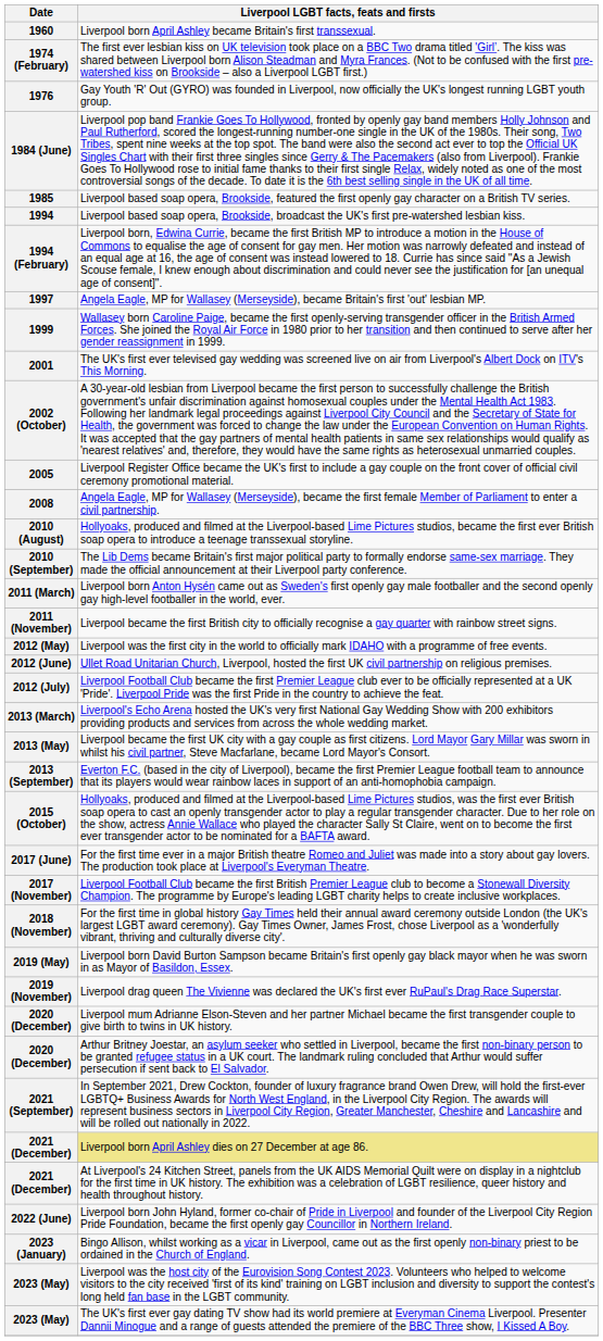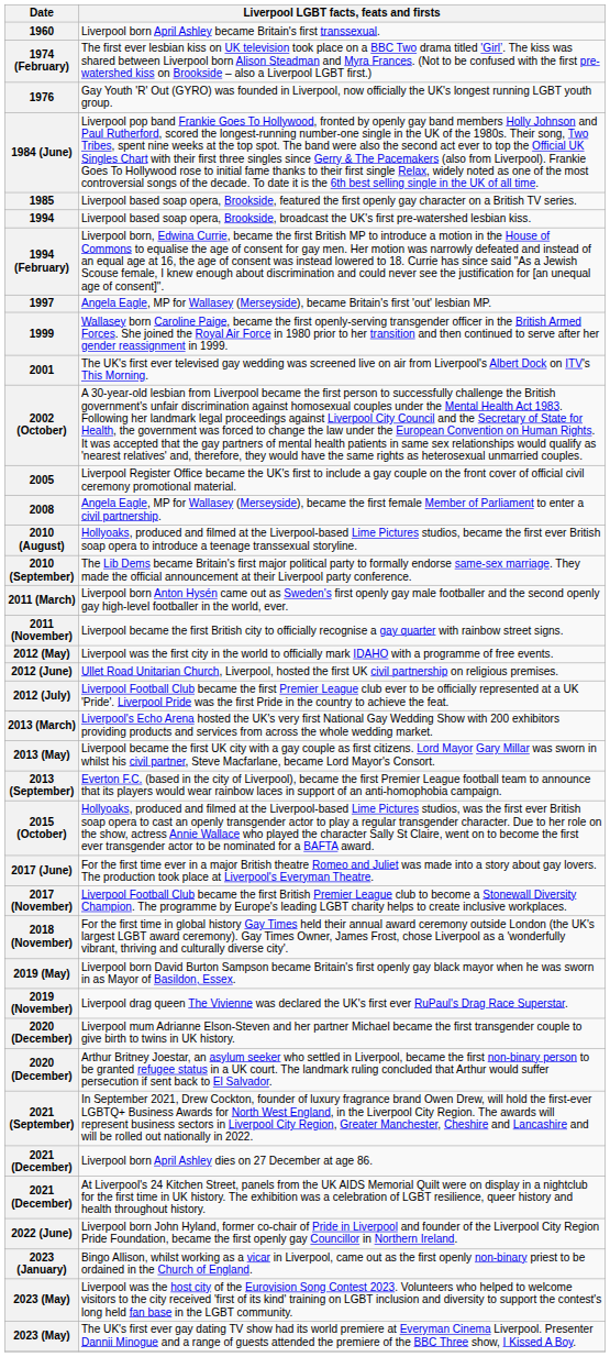 <table class="wikitable">
 <tr>
 <th>Date</th>
 <th>Liverpool LGBT facts, feats and firsts</th>
 </tr>
 <tr>
 <th>1960</th>
 <td style="text-align:left">Liverpool born <a href='#'>April Ashley</a> became Britain's first <a href='#'>transsexual</a>.</td>
 </tr>
 <tr>
 <th>1974 (February)</th>
 <td style="text-align:left">The first ever lesbian kiss on <a href='#'>UK television</a> took place on a <a href='#'>BBC Two</a> drama titled <a href='#'>'Girl’</a>. The kiss was shared between Liverpool born <a href='#'>Alison Steadman</a> and <a href='#'>Myra Frances</a>. (Not to be confused with the first <a href='#'>pre-watershed kiss</a> on <a href='#'>Brookside</a> – also a Liverpool LGBT first.)</td>
 </tr>
 <tr>
 <th>1976</th>
 <td style="text-align:left">Gay Youth 'R' Out (GYRO) was founded in Liverpool, now officially the UK's longest running LGBT youth group.</td>
 </tr>
 <tr>
 <th>1984 (June)</th>
 <td style="text-align:left">Liverpool pop band <a href='#'>Frankie Goes To Hollywood</a>, fronted by openly gay band members <a href='#'>Holly Johnson</a> and <a href='#'>Paul Rutherford</a>, scored the longest-running number-one single in the UK of the 1980s. Their song, <a href='#'>Two Tribes</a>, spent nine weeks at the top spot. The band were also the second act ever to top the <a href='#'>Official UK Singles Chart</a> with their first three singles since <a href='#'>Gerry & The Pacemakers</a> (also from Liverpool). Frankie Goes To Hollywood rose to initial fame thanks to their first single <a href='#'>Relax</a>, widely noted as one of the most controversial songs of the decade. To date it is the <a href='#'>6th best selling single in the UK of all time</a>.</td>
 </tr>
 <tr>
 <th>1985</th>
 <td style="text-align:left">Liverpool based soap opera, <a href='#'>Brookside</a>, featured the first openly gay character on a British TV series.</td>
 </tr>
 <tr>
 <th>1994</th>
 <td style="text-align:left">Liverpool based soap opera, <a href='#'>Brookside</a>, broadcast the UK's first pre-watershed lesbian kiss.</td>
 </tr>
 <tr>
 <th>1994 (February)</th>
 <td style="text-align:left">Liverpool born, <a href='#'>Edwina Currie</a>, became the first British MP to introduce a motion in the <a href='#'>House of Commons</a> to equalise the age of consent for gay men. Her motion was narrowly defeated and instead of an equal age at 16, the age of consent was instead lowered to 18. Currie has since said "As a Jewish Scouse female, I knew enough about discrimination and could never see the justification for [an unequal age of consent]".</td>
 </tr>
 <tr>
 <th>1997</th>
 <td style="text-align:left"><a href='#'>Angela Eagle</a>, MP for <a href='#'>Wallasey</a> (<a href='#'>Merseyside</a>), became Britain's first 'out' lesbian MP.</td>
 </tr>
 <tr>
 <th>1999</th>
 <td style="text-align:left"><a href='#'>Wallasey</a> born <a href='#'>Caroline Paige</a>, became the first openly-serving transgender officer in the <a href='#'>British Armed Forces</a>. She joined the <a href='#'>Royal Air Force</a> in 1980 prior to her <a href='#'>transition</a> and then continued to serve after her <a href='#'>gender reassignment</a> in 1999.</td>
 </tr>
 <tr>
 <th>2001</th>
 <td style="text-align:left">The UK's first ever televised gay wedding was screened live on air from Liverpool's <a href='#'>Albert Dock</a> on <a href='#'>ITV</a>'s <a href='#'>This Morning</a>.</td>
 </tr>
 <tr>
 <th>2002 (October)</th>
 <td style="text-align:left">A 30-year-old lesbian from Liverpool became the first person to successfully challenge the British government's unfair discrimination against homosexual couples under the <a href='#'>Mental Health Act 1983</a>. Following her landmark legal proceedings against <a href='#'>Liverpool City Council</a> and the <a href='#'>Secretary of State for Health</a>, the government was forced to change the law under the <a href='#'>European Convention on Human Rights</a>. It was accepted that the gay partners of mental health patients in same sex relationships would qualify as 'nearest relatives' and, therefore, they would have the same rights as heterosexual unmarried couples.</td>
 </tr>
 <tr>
 <th>2005</th>
 <td style="text-align:left">Liverpool Register Office became the UK's first to include a gay couple on the front cover of official civil ceremony promotional material.</td>
 </tr>
 <tr>
 <th>2008</th>
 <td style="text-align:left"><a href='#'>Angela Eagle</a>, MP for <a href='#'>Wallasey</a> (<a href='#'>Merseyside</a>), became the first female <a href='#'>Member of Parliament</a> to enter a <a href='#'>civil partnership</a>.</td>
 </tr>
 <tr>
 <th>2010 (August)</th>
 <td style="text-align:left"><a href='#'>Hollyoaks</a>, produced and filmed at the Liverpool-based <a href='#'>Lime Pictures</a> studios, became the first ever British soap opera to introduce a teenage transsexual storyline.</td>
 </tr>
 <tr>
 <th>2010 (September)</th>
 <td style="text-align:left">The <a href='#'>Lib Dems</a> became Britain's first major political party to formally endorse <a href='#'>same-sex marriage</a>. They made the official announcement at their Liverpool party conference.</td>
 </tr>
 <tr>
 <th>2011 (March)</th>
 <td style="text-align:left">Liverpool born <a href='#'>Anton Hysén</a> came out as <a href='#'>Sweden's</a> first openly gay male footballer and the second openly gay high-level footballer in the world, ever.</td>
 </tr>
 <tr>
 <th>2011 (November)</th>
 <td style="text-align:left">Liverpool became the first British city to officially recognise a <a href='#'>gay quarter</a> with rainbow street signs.</td>
 </tr>
 <tr>
 <th>2012 (May)</th>
 <td style="text-align:left">Liverpool was the first city in the world to officially mark <a href='#'>IDAHO</a> with a programme of free events.</td>
 </tr>
 <tr>
 <th>2012 (June)</th>
 <td style="text-align:left"><a href='#'>Ullet Road Unitarian Church</a>, Liverpool, hosted the first UK <a href='#'>civil partnership</a> on religious premises.</td>
 </tr>
 <tr>
 <th>2012 (July)</th>
 <td style="text-align:left"><a href='#'>Liverpool Football Club</a> became the first <a href='#'>Premier League</a> club ever to be officially represented at a UK 'Pride'. <a href='#'>Liverpool Pride</a> was the first Pride in the country to achieve the feat.</td>
 </tr>
 <tr>
 <th>2013 (March)</th>
 <td style="text-align:left"><a href='#'>Liverpool's Echo Arena</a> hosted the UK's very first National Gay Wedding Show with 200 exhibitors providing products and services from across the whole wedding market.</td>
 </tr>
 <tr>
 <th>2013 (May)</th>
 <td style="text-align:left">Liverpool became the first UK city with a gay couple as first citizens. <a href='#'>Lord Mayor</a> <a href='#'>Gary Millar</a> was sworn in whilst his <a href='#'>civil partner</a>, Steve Macfarlane, became Lord Mayor's Consort.</td>
 </tr>
 <tr>
 <th>2013 (September)</th>
 <td style="text-align:left"><a href='#'>Everton F.C.</a> (based in the city of Liverpool), became the first Premier League football team to announce that its players would wear rainbow laces in support of an anti-homophobia campaign.</td>
 </tr>
 <tr>
 <th>2015 (October)</th>
 <td style="text-align:left"><a href='#'>Hollyoaks</a>, produced and filmed at the Liverpool-based <a href='#'>Lime Pictures</a> studios, was the first ever British soap opera to cast an openly transgender actor to play a regular transgender character. Due to her role on the show, actress <a href='#'>Annie Wallace</a> who played the character Sally St Claire, went on to become the first ever transgender actor to be nominated for a <a href='#'>BAFTA</a> award.</td>
 </tr>
 <tr>
 <th>2017 (June)</th>
 <td style="text-align:left">For the first time ever in a major British theatre <a href='#'>Romeo and Juliet</a> was made into a story about gay lovers. The production took place at <a href='#'>Liverpool's Everyman Theatre</a>.</td>
 </tr>
 <tr>
 <th>2017 (November)</th>
 <td style="text-align:left"><a href='#'>Liverpool Football Club</a> became the first British <a href='#'>Premier League</a> club to become a <a href='#'>Stonewall Diversity Champion</a>. The programme by Europe's leading LGBT charity helps to create inclusive workplaces.</td>
 </tr>
 <tr>
 <th>2018 (November)</th>
 <td style="text-align:left">For the first time in global history <a href='#'>Gay Times</a> held their annual award ceremony outside London (the UK's largest LGBT award ceremony). Gay Times Owner, James Frost, chose Liverpool as a 'wonderfully vibrant, thriving and culturally diverse city'.</td>
 </tr>
 <tr>
 <th>2019 (May)</th>
 <td style="text-align:left">Liverpool born David Burton Sampson became Britain's first openly gay black mayor when he was sworn in as Mayor of <a href='#'>Basildon, Essex</a>.</td>
 </tr>
 <tr>
 <th>2019 (November)</th>
 <td style="text-align:left">Liverpool drag queen <a href='#'>The Vivienne</a> was declared the UK's first ever <a href='#'>RuPaul's Drag Race Superstar</a>.</td>
 </tr>
 <tr>
 <th>2020 (December)</th>
 <td style="text-align:left">Liverpool mum Adrianne Elson-Steven and her partner Michael became the first transgender couple to give birth to twins in UK history.</td>
 </tr>
 <tr>
 <th>2020 (December)</th>
 <td style="text-align:left">Arthur Britney Joestar, an <a href='#'>asylum seeker</a> who settled in Liverpool, became the first <a href='#'>non-binary person</a> to be granted <a href='#'>refugee status</a> in a UK court. The landmark ruling concluded that Arthur would suffer persecution if sent back to <a href='#'>El Salvador</a>.</td>
 </tr>
 <tr>
 <th>2021 (September)</th>
 <td style="text-align:left">In September 2021, Drew Cockton, founder of luxury fragrance brand Owen Drew, will hold the first-ever LGBTQ+ Business Awards for <a href='#'>North West England</a>, in the Liverpool City Region. The awards will represent business sectors in <a href='#'>Liverpool City Region</a>, <a href='#'>Greater Manchester</a>, <a href='#'>Cheshire</a> and <a href='#'>Lancashire</a> and will be rolled out nationally in 2022.</td>
 </tr>
 <tr>
 <th>2021 (December)</th>
-<td style="background: khaki;">Liverpool born <a href='#'>April Ashley</a> dies on 27 December at age 86.</td>
+<td>Liverpool born <a href='#'>April Ashley</a> dies on 27 December at age 86.</td>
 </tr>
 <tr>
 <th>2021 (December)</th>
 <td>At Liverpool's 24 Kitchen Street, panels from the UK AIDS Memorial Quilt were on display in a nightclub for the first time in UK history. The exhibition was a celebration of LGBT resilience, queer history and health throughout history.</td>
 </tr>
 <tr>
 <th>2022 (June)</th>
 <td>Liverpool born John Hyland, former co-chair of <a href='#'>Pride in Liverpool</a> and founder of the Liverpool City Region Pride Foundation, became the first openly gay <a href='#'>Councillor</a> in <a href='#'>Northern Ireland</a>.</td>
 </tr>
 <tr>
 <th>2023 (January)</th>
 <td>Bingo Allison, whilst working as a <a href='#'>vicar</a> in Liverpool, came out as the first openly <a href='#'>non-binary</a> priest to be ordained in the <a href='#'>Church of England</a>.</td>
 </tr>
 <tr>
 <th>2023 (May)</th>
 <td style="text-align:left">Liverpool was the <a href='#'>host city</a> of the <a href='#'>Eurovision Song Contest 2023</a>. Volunteers who helped to welcome visitors to the city received 'first of its kind' training on LGBT inclusion and diversity to support the contest's long held <a href='#'>fan base</a> in the LGBT community.</td>
 </tr>
 <tr>
 <th>2023 (May)</th>
 <td style="text-align:left">The UK's first ever gay dating TV show had its world premiere at <a href='#'>Everyman Cinema</a> Liverpool. Presenter <a href='#'>Dannii Minogue</a> and a range of guests attended the premiere of the <a href='#'>BBC Three</a> show, <a href='#'>I Kissed A Boy</a>.</td>
 </tr>
 <tr>
 </tr>
 </table>
